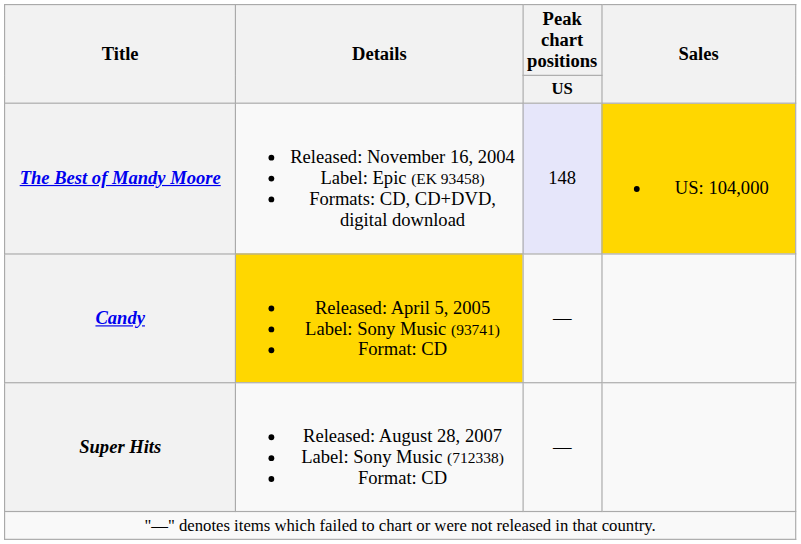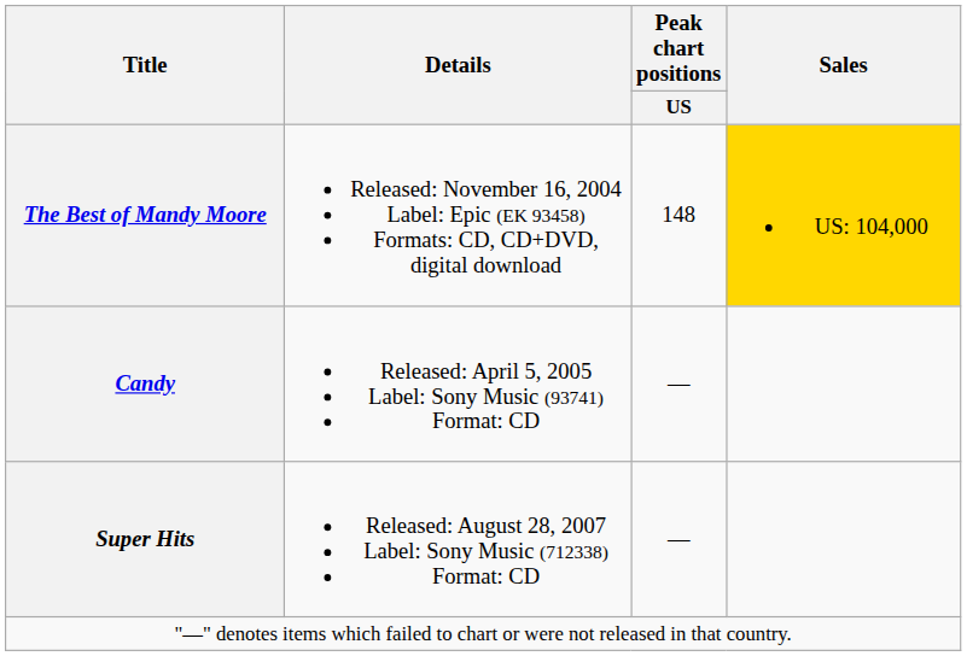 <table class="wikitable plainrowheaders" style="text-align:center;">
 <tr>
 <th scope="col" rowspan="2" style="width:12em;">Title</th>
 <th scope="col" rowspan="2" style="width:15em;">Details</th>
 <th scope="col">Peak chart positions</th>
 <th scope="col" rowspan="2" style="width:10em;">Sales</th>
 </tr>
 <tr>
 <th scope="col" style="width:3em;font-size:90%;">US<br></th>
 </tr>
 <tr>
 <th scope="row"><em><a href='#'>The Best of Mandy Moore</a></em></th>
 <td><br><ul><li>Released: November 16, 2004</li><li>Label: Epic <small>(EK 93458)</small></li><li>Formats: CD, CD+DVD, digital download</li></ul></td>
-<td style="background: lavender;">148</td>
+<td>148</td>
 <td style="background: gold;"><br><ul><li>US: 104,000</li></ul></td>
 </tr>
 <tr>
 <th scope="row"><em><a href='#'>Candy</a></em></th>
-<td style="background: gold;"><br><ul><li>Released: April 5, 2005</li><li>Label: Sony Music <small>(93741)</small></li><li>Format: CD</li></ul></td>
+<td><br><ul><li>Released: April 5, 2005</li><li>Label: Sony Music <small>(93741)</small></li><li>Format: CD</li></ul></td>
 <td>—</td>
 <td></td>
 </tr>
 <tr>
 <th scope="row"><em>Super Hits</em></th>
 <td><br><ul><li>Released: August 28, 2007</li><li>Label: Sony Music <small>(712338)</small></li><li>Format: CD</li></ul></td>
 <td>—</td>
 <td></td>
 </tr>
 <tr>
 <td colspan="8" style="font-size:90%">"—" denotes items which failed to chart or were not released in that country.</td>
 </tr>
 </table>
